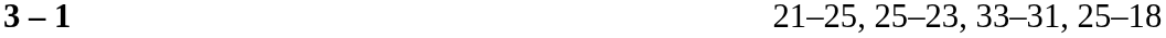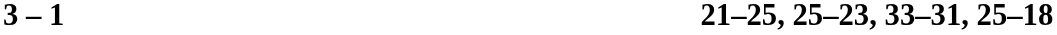 <table width=100% cellspacing=1>
 <tr>
 <th width=20%></th>
 <th width=12%></th>
 <th width=20%></th>
 <th width=33%></th>
 <td></td>
 </tr>
 <tr style=font-size:95%>
 <td align=right><strong></strong></td>
 <td align=center><strong>3 – 1</strong></td>
 <td></td>
-<td>21–25, 25–23, 33–31, 25–18</td>
+<td><strong>21–25, 25–23, 33–31, 25–18</strong></td>
 </tr>
 </table>
